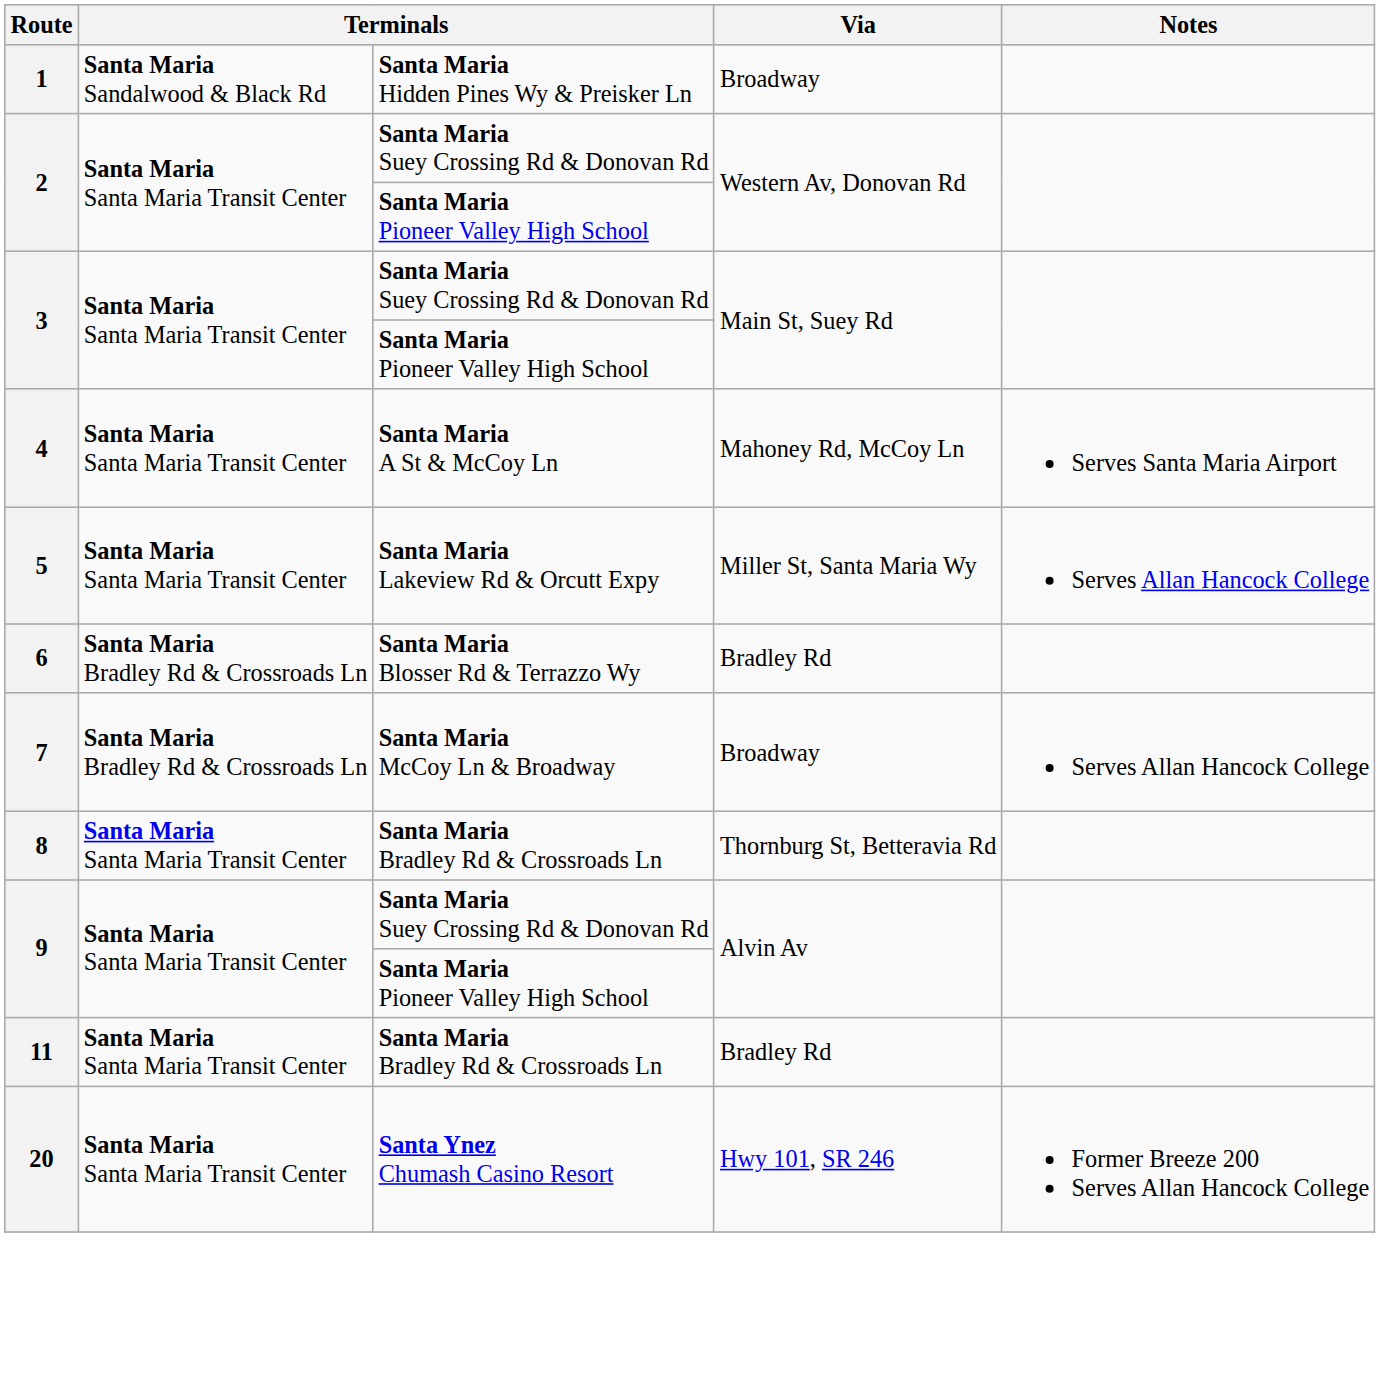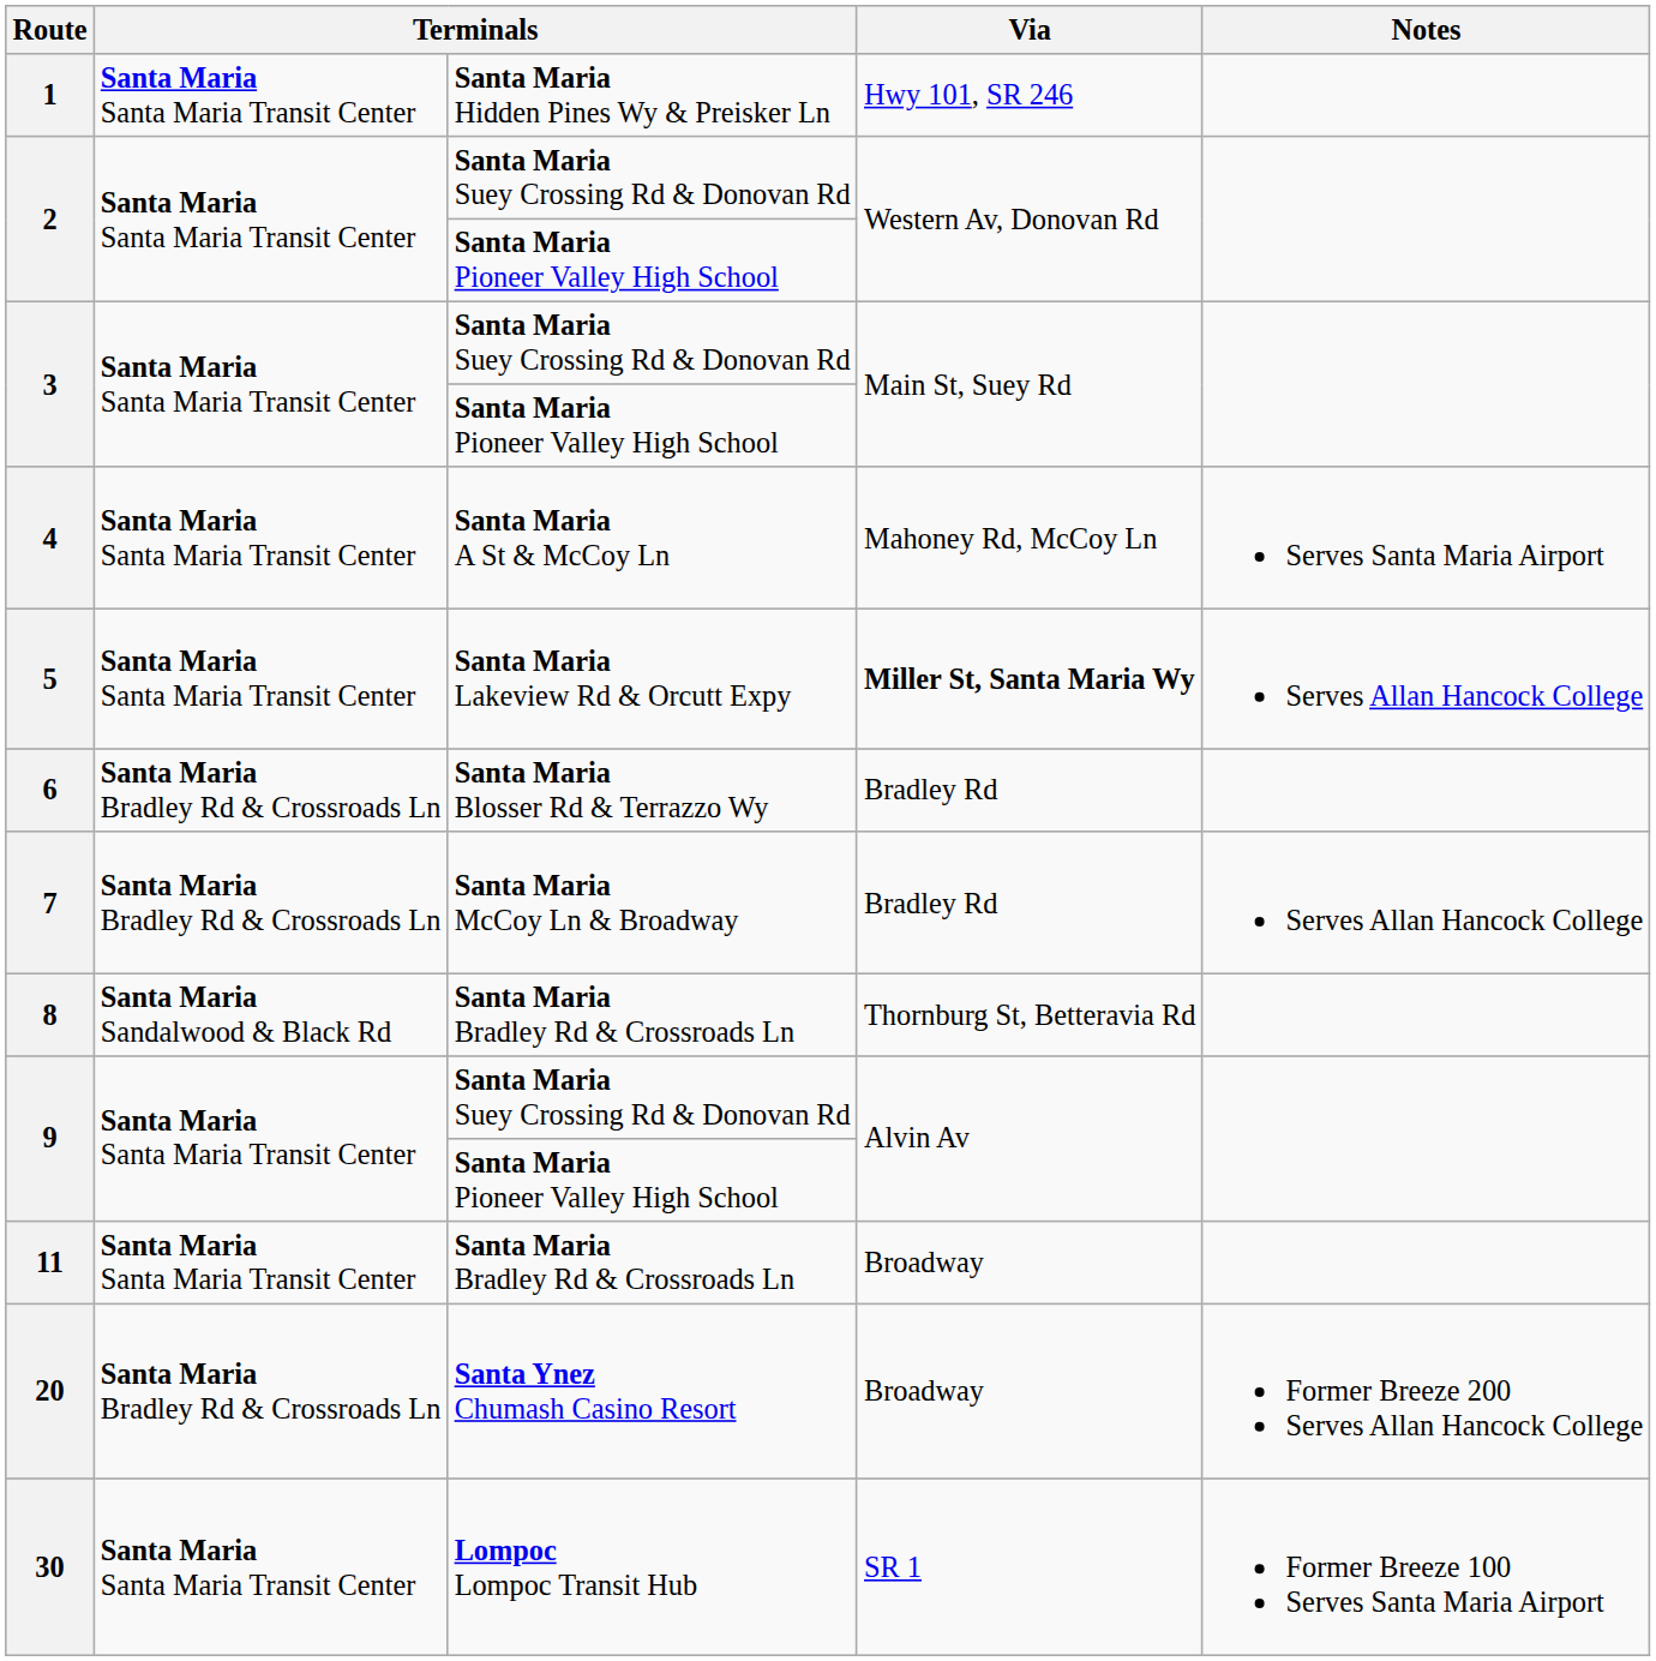 <table class="wikitable" style="font-size: 95%;">
 <tr>
 <th>Route</th>
 <th colspan="2"><strong>Terminals</strong></th>
 <th>Via</th>
 <th>Notes</th>
 </tr>
 <tr>
 <th>1</th>
-<td><strong>Santa Maria</strong><br>Sandalwood & Black Rd</td>
+<td><strong><a href='#'>Santa Maria</a></strong><br>Santa Maria Transit Center</td>
 <td><strong>Santa Maria</strong><br>Hidden Pines Wy & Preisker Ln</td>
-<td>Broadway</td>
+<td><a href='#'>Hwy 101</a>, <a href='#'>SR 246</a></td>
 <td></td>
 </tr>
 <tr>
 <th rowspan="2">2</th>
 <td rowspan="2"><strong>Santa Maria</strong><br>Santa Maria Transit Center</td>
 <td><strong>Santa Maria</strong><br>Suey Crossing Rd & Donovan Rd</td>
 <td rowspan="2">Western Av, Donovan Rd</td>
 <td rowspan="2"></td>
 </tr>
 <tr>
 <td><strong>Santa Maria</strong><br><a href='#'>Pioneer Valley High School</a>  </td>
 </tr>
 <tr>
 <th rowspan="2">3</th>
 <td rowspan="2"><strong>Santa Maria</strong><br>Santa Maria Transit Center</td>
 <td><strong>Santa Maria</strong><br>Suey Crossing Rd & Donovan Rd</td>
 <td rowspan="2">Main St, Suey Rd</td>
 <td rowspan="2"></td>
 </tr>
 <tr>
 <td><strong>Santa Maria</strong><br>Pioneer Valley High School  </td>
 </tr>
 <tr>
 <th>4</th>
 <td><strong>Santa Maria</strong><br>Santa Maria Transit Center</td>
 <td><strong>Santa Maria</strong><br>A St & McCoy Ln</td>
 <td>Mahoney Rd, McCoy Ln</td>
 <td><br><ul><li>Serves Santa Maria Airport</li></ul></td>
 </tr>
 <tr>
 <th>5</th>
 <td><strong>Santa Maria</strong><br>Santa Maria Transit Center</td>
 <td><strong>Santa Maria</strong><br>Lakeview Rd & Orcutt Expy</td>
-<td>Miller St, Santa Maria Wy</td>
+<td><strong>Miller St, Santa Maria Wy</strong></td>
 <td><br><ul><li>Serves <a href='#'>Allan Hancock College</a></li></ul></td>
 </tr>
 <tr>
 <th>6</th>
 <td><strong>Santa Maria</strong><br>Bradley Rd & Crossroads Ln</td>
 <td><strong>Santa Maria</strong><br>Blosser Rd & Terrazzo Wy</td>
 <td>Bradley Rd</td>
 <td></td>
 </tr>
 <tr>
 <th>7</th>
 <td><strong>Santa Maria</strong><br>Bradley Rd & Crossroads Ln</td>
 <td><strong>Santa Maria</strong><br>McCoy Ln & Broadway</td>
-<td>Broadway</td>
+<td>Bradley Rd</td>
 <td><br><ul><li>Serves Allan Hancock College</li></ul></td>
 </tr>
 <tr>
 <th>8</th>
-<td><strong><a href='#'>Santa Maria</a></strong><br>Santa Maria Transit Center</td>
+<td><strong>Santa Maria</strong><br>Sandalwood & Black Rd</td>
 <td><strong>Santa Maria</strong><br>Bradley Rd & Crossroads Ln</td>
 <td>Thornburg St, Betteravia Rd</td>
 <td></td>
 </tr>
 <tr>
 <th rowspan="2">9</th>
 <td rowspan="2"><strong>Santa Maria</strong><br>Santa Maria Transit Center</td>
 <td><strong>Santa Maria</strong><br>Suey Crossing Rd & Donovan Rd</td>
 <td rowspan="2">Alvin Av</td>
 <td rowspan="2"></td>
 </tr>
 <tr>
 <td><strong>Santa Maria</strong><br>Pioneer Valley High School  </td>
 </tr>
 <tr>
 <th>11</th>
 <td><strong>Santa Maria</strong><br>Santa Maria Transit Center</td>
 <td><strong>Santa Maria</strong><br>Bradley Rd & Crossroads Ln</td>
-<td>Bradley Rd</td>
+<td>Broadway</td>
 <td></td>
 </tr>
 <tr>
 <th>20</th>
-<td><strong>Santa Maria</strong><br>Santa Maria Transit Center</td>
+<td><strong>Santa Maria</strong><br>Bradley Rd & Crossroads Ln</td>
 <td><strong><a href='#'>Santa Ynez</a></strong><br><a href='#'>Chumash Casino Resort</a></td>
-<td><a href='#'>Hwy 101</a>, <a href='#'>SR 246</a></td>
+<td>Broadway</td>
 <td><br><ul><li>Former Breeze 200</li><li>Serves Allan Hancock College</li></ul></td>
 </tr>
+<tr>
+<th>30</th>
+<td><strong>Santa Maria</strong><br>Santa Maria Transit Center</td>
+<td><strong><a href='#'>Lompoc</a></strong><br>Lompoc Transit Hub</td>
+<td><a href='#'>SR 1</a></td>
+<td><br><ul><li>Former Breeze 100</li><li>Serves Santa Maria Airport</li></ul></td>
+</tr>
 </table>
